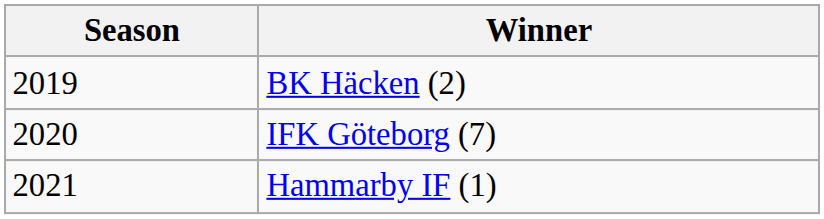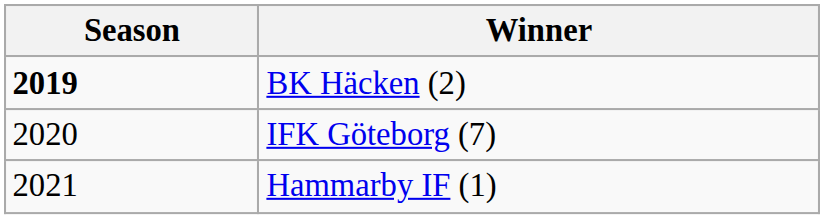 <table class="wikitable" style="width:400px;">
 <tr>
 <th>Season</th>
 <th>Winner</th>
 </tr>
 <tr>
-<td>2019</td>
+<td><strong>2019</strong></td>
 <td><a href='#'>BK Häcken</a> (2)</td>
 </tr>
 <tr>
 <td>2020</td>
 <td><a href='#'>IFK Göteborg</a> (7)</td>
 </tr>
 <tr>
 <td>2021</td>
 <td><a href='#'>Hammarby IF</a> (1)</td>
 </tr>
 </table>
